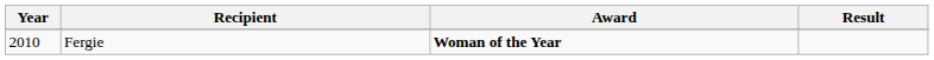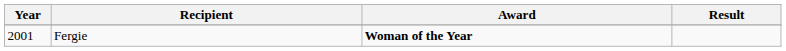 <table style="width: 75%;" class="wikitable">
 <tr>
 <th style="width:6%;">Year</th>
 <th style="width:40%;">Recipient</th>
 <th style="width:40%;">Award</th>
 <th style="width:14%;">Result</th>
 </tr>
 <tr>
 </tr>
 <tr>
-<td>2010</td>
+<td>2001</td>
 <td>Fergie</td>
 <td><strong>Woman of the Year</strong></td>
 <td></td>
 </tr>
 </table>
